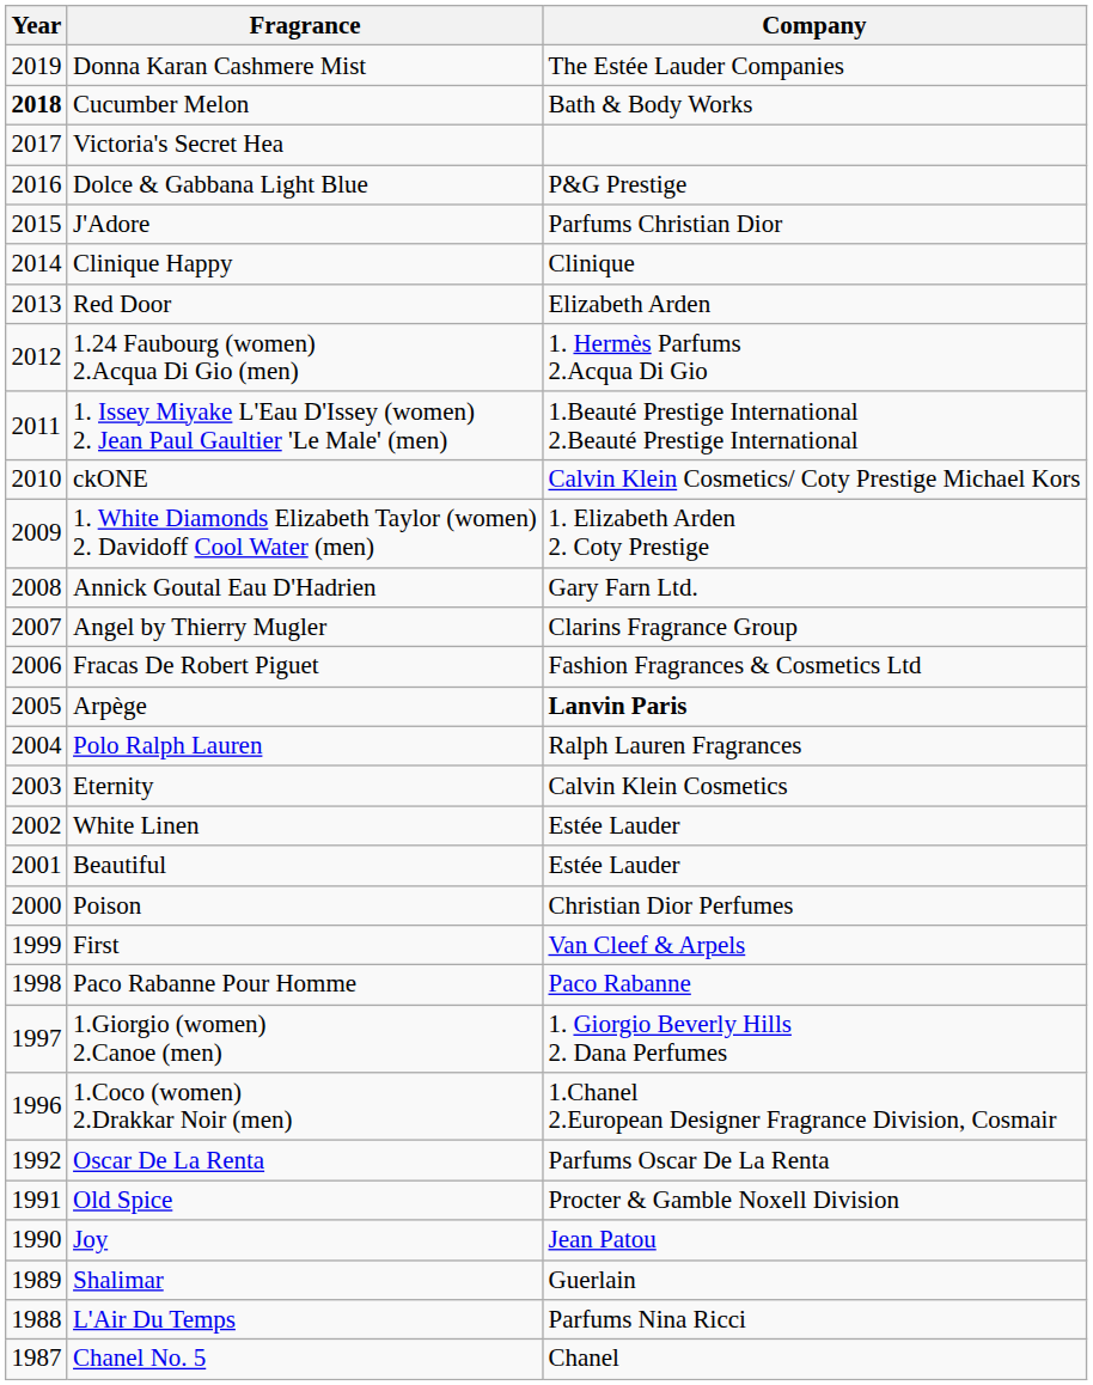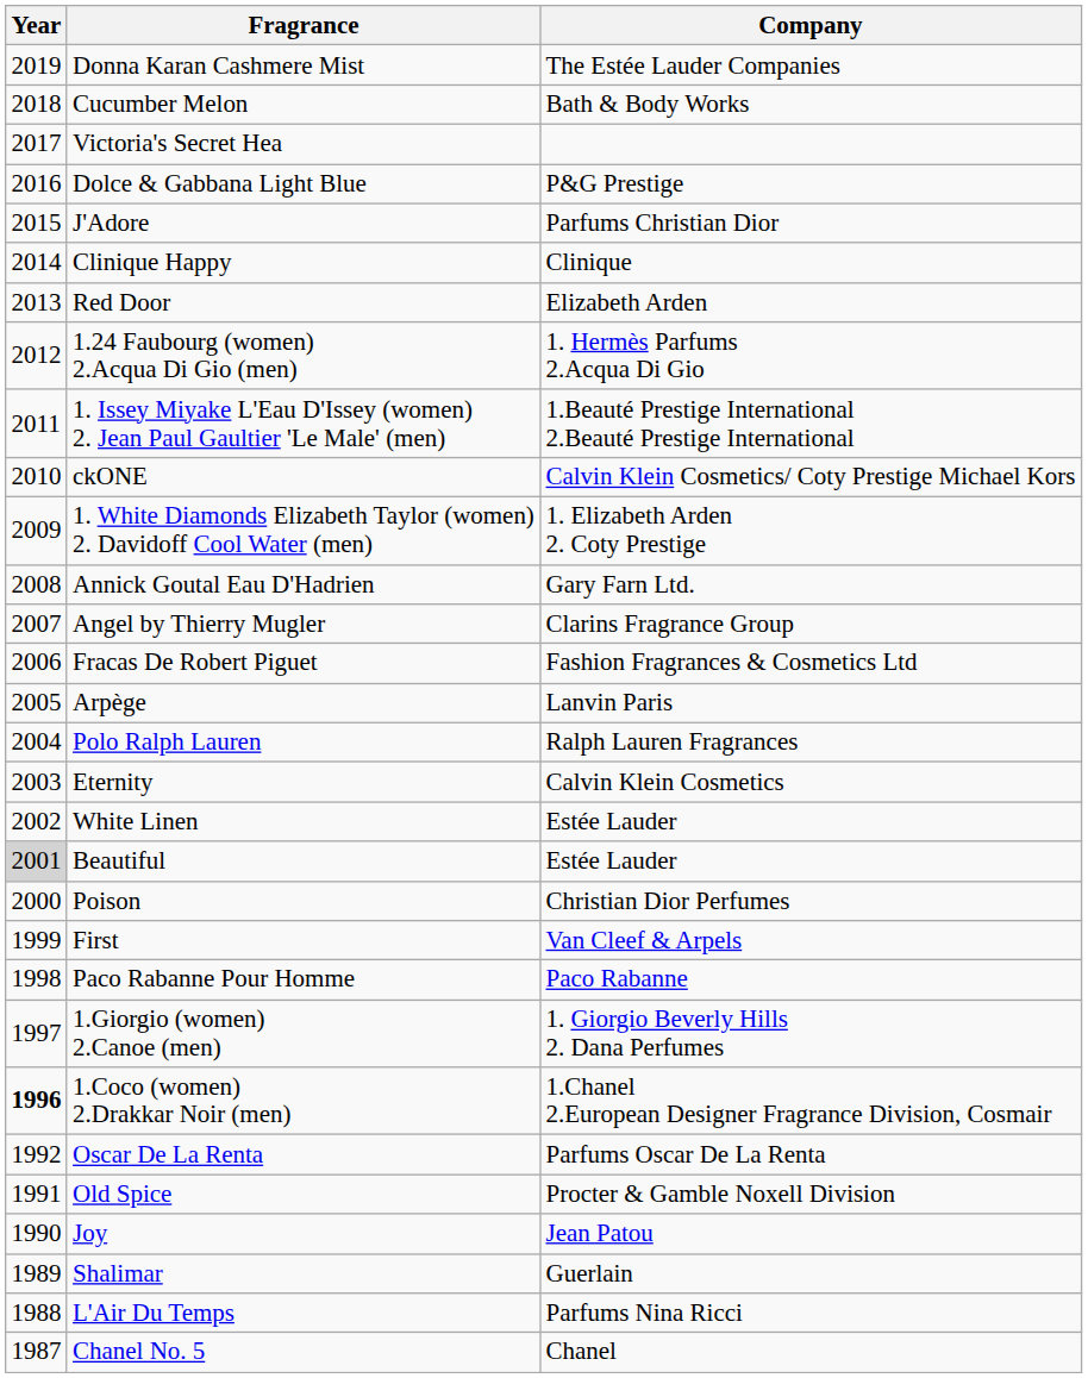 <table class="wikitable sortable">
 <tr>
 <th>Year</th>
 <th>Fragrance</th>
 <th>Company</th>
 </tr>
 <tr>
 <td>2019</td>
 <td>Donna Karan Cashmere Mist</td>
 <td>The Estée Lauder Companies</td>
 </tr>
 <tr>
-<td><strong>2018</strong></td>
+<td>2018</td>
 <td>Cucumber Melon</td>
 <td>Bath & Body Works</td>
 </tr>
 <tr>
 <td>2017</td>
 <td>Victoria's Secret Hea</td>
 </tr>
 <tr>
 <td>2016</td>
 <td>Dolce & Gabbana Light Blue</td>
 <td>P&G Prestige</td>
 </tr>
 <tr>
 <td>2015</td>
 <td>J'Adore</td>
 <td>Parfums Christian Dior</td>
 </tr>
 <tr>
 <td>2014</td>
 <td>Clinique Happy</td>
 <td>Clinique</td>
 </tr>
 <tr>
 <td>2013</td>
 <td>Red Door</td>
 <td>Elizabeth Arden</td>
 </tr>
 <tr>
 <td>2012</td>
 <td>1.24 Faubourg (women)<br>2.Acqua Di Gio  (men)</td>
 <td>1. <a href='#'>Hermès</a> Parfums<br>2.Acqua Di Gio</td>
 </tr>
 <tr>
 <td>2011</td>
 <td>1. <a href='#'>Issey Miyake</a> L'Eau D'Issey (women)<br>2. <a href='#'>Jean Paul Gaultier</a> 'Le Male' (men)</td>
 <td>1.Beauté Prestige International<br>2.Beauté Prestige International</td>
 </tr>
 <tr>
 <td>2010</td>
 <td>ckONE</td>
 <td><a href='#'>Calvin Klein</a> Cosmetics/ Coty Prestige Michael Kors</td>
 </tr>
 <tr>
 <td>2009</td>
 <td>1. <a href='#'>White Diamonds</a> Elizabeth Taylor (women)<br>2. Davidoff <a href='#'>Cool Water</a>  (men)</td>
 <td>1. Elizabeth Arden<br>2. Coty Prestige</td>
 </tr>
 <tr>
 <td>2008</td>
 <td>Annick Goutal Eau D'Hadrien</td>
 <td>Gary Farn Ltd.</td>
 </tr>
 <tr>
 <td>2007</td>
 <td>Angel by Thierry Mugler</td>
 <td>Clarins Fragrance Group</td>
 </tr>
 <tr>
 <td>2006</td>
 <td>Fracas De Robert Piguet</td>
 <td>Fashion Fragrances & Cosmetics Ltd</td>
 </tr>
 <tr>
 <td>2005</td>
 <td>Arpège</td>
-<td><strong>Lanvin Paris</strong></td>
+<td>Lanvin Paris</td>
 </tr>
 <tr>
 <td>2004</td>
 <td><a href='#'>Polo Ralph Lauren</a></td>
 <td>Ralph Lauren Fragrances</td>
 </tr>
 <tr>
 <td>2003</td>
 <td>Eternity</td>
 <td>Calvin Klein Cosmetics</td>
 </tr>
 <tr>
 <td>2002</td>
 <td>White Linen</td>
 <td>Estée Lauder</td>
 </tr>
 <tr>
-<td>2001</td>
+<td style="background: lightgrey;">2001</td>
 <td>Beautiful</td>
 <td>Estée Lauder</td>
 </tr>
 <tr>
 <td>2000</td>
 <td>Poison</td>
 <td>Christian Dior Perfumes</td>
 </tr>
 <tr>
 <td>1999</td>
 <td>First</td>
 <td><a href='#'>Van Cleef & Arpels</a></td>
 </tr>
 <tr>
 <td>1998</td>
 <td>Paco Rabanne Pour Homme</td>
 <td><a href='#'>Paco Rabanne</a></td>
 </tr>
 <tr>
 <td>1997</td>
 <td>1.Giorgio (women)<br>2.Canoe (men)</td>
 <td>1. <a href='#'>Giorgio Beverly Hills</a><br>2. Dana Perfumes</td>
 </tr>
 <tr>
-<td>1996</td>
+<td><strong>1996</strong></td>
 <td>1.Coco (women)<br>2.Drakkar Noir (men)</td>
 <td>1.Chanel<br>2.European Designer Fragrance Division, Cosmair</td>
 </tr>
 <tr>
 <td>1992</td>
 <td><a href='#'>Oscar De La Renta</a></td>
 <td>Parfums Oscar De La Renta</td>
 </tr>
 <tr>
 <td>1991</td>
 <td><a href='#'>Old Spice</a></td>
 <td>Procter & Gamble Noxell Division</td>
 </tr>
 <tr>
 <td>1990</td>
 <td><a href='#'>Joy</a></td>
 <td><a href='#'>Jean Patou</a></td>
 </tr>
 <tr>
 <td>1989</td>
 <td><a href='#'>Shalimar</a></td>
 <td>Guerlain</td>
 </tr>
 <tr>
 <td>1988</td>
 <td><a href='#'>L'Air Du Temps</a></td>
 <td>Parfums Nina Ricci</td>
 </tr>
 <tr>
 <td>1987</td>
 <td><a href='#'>Chanel No. 5</a></td>
 <td>Chanel</td>
 </tr>
 </table>
